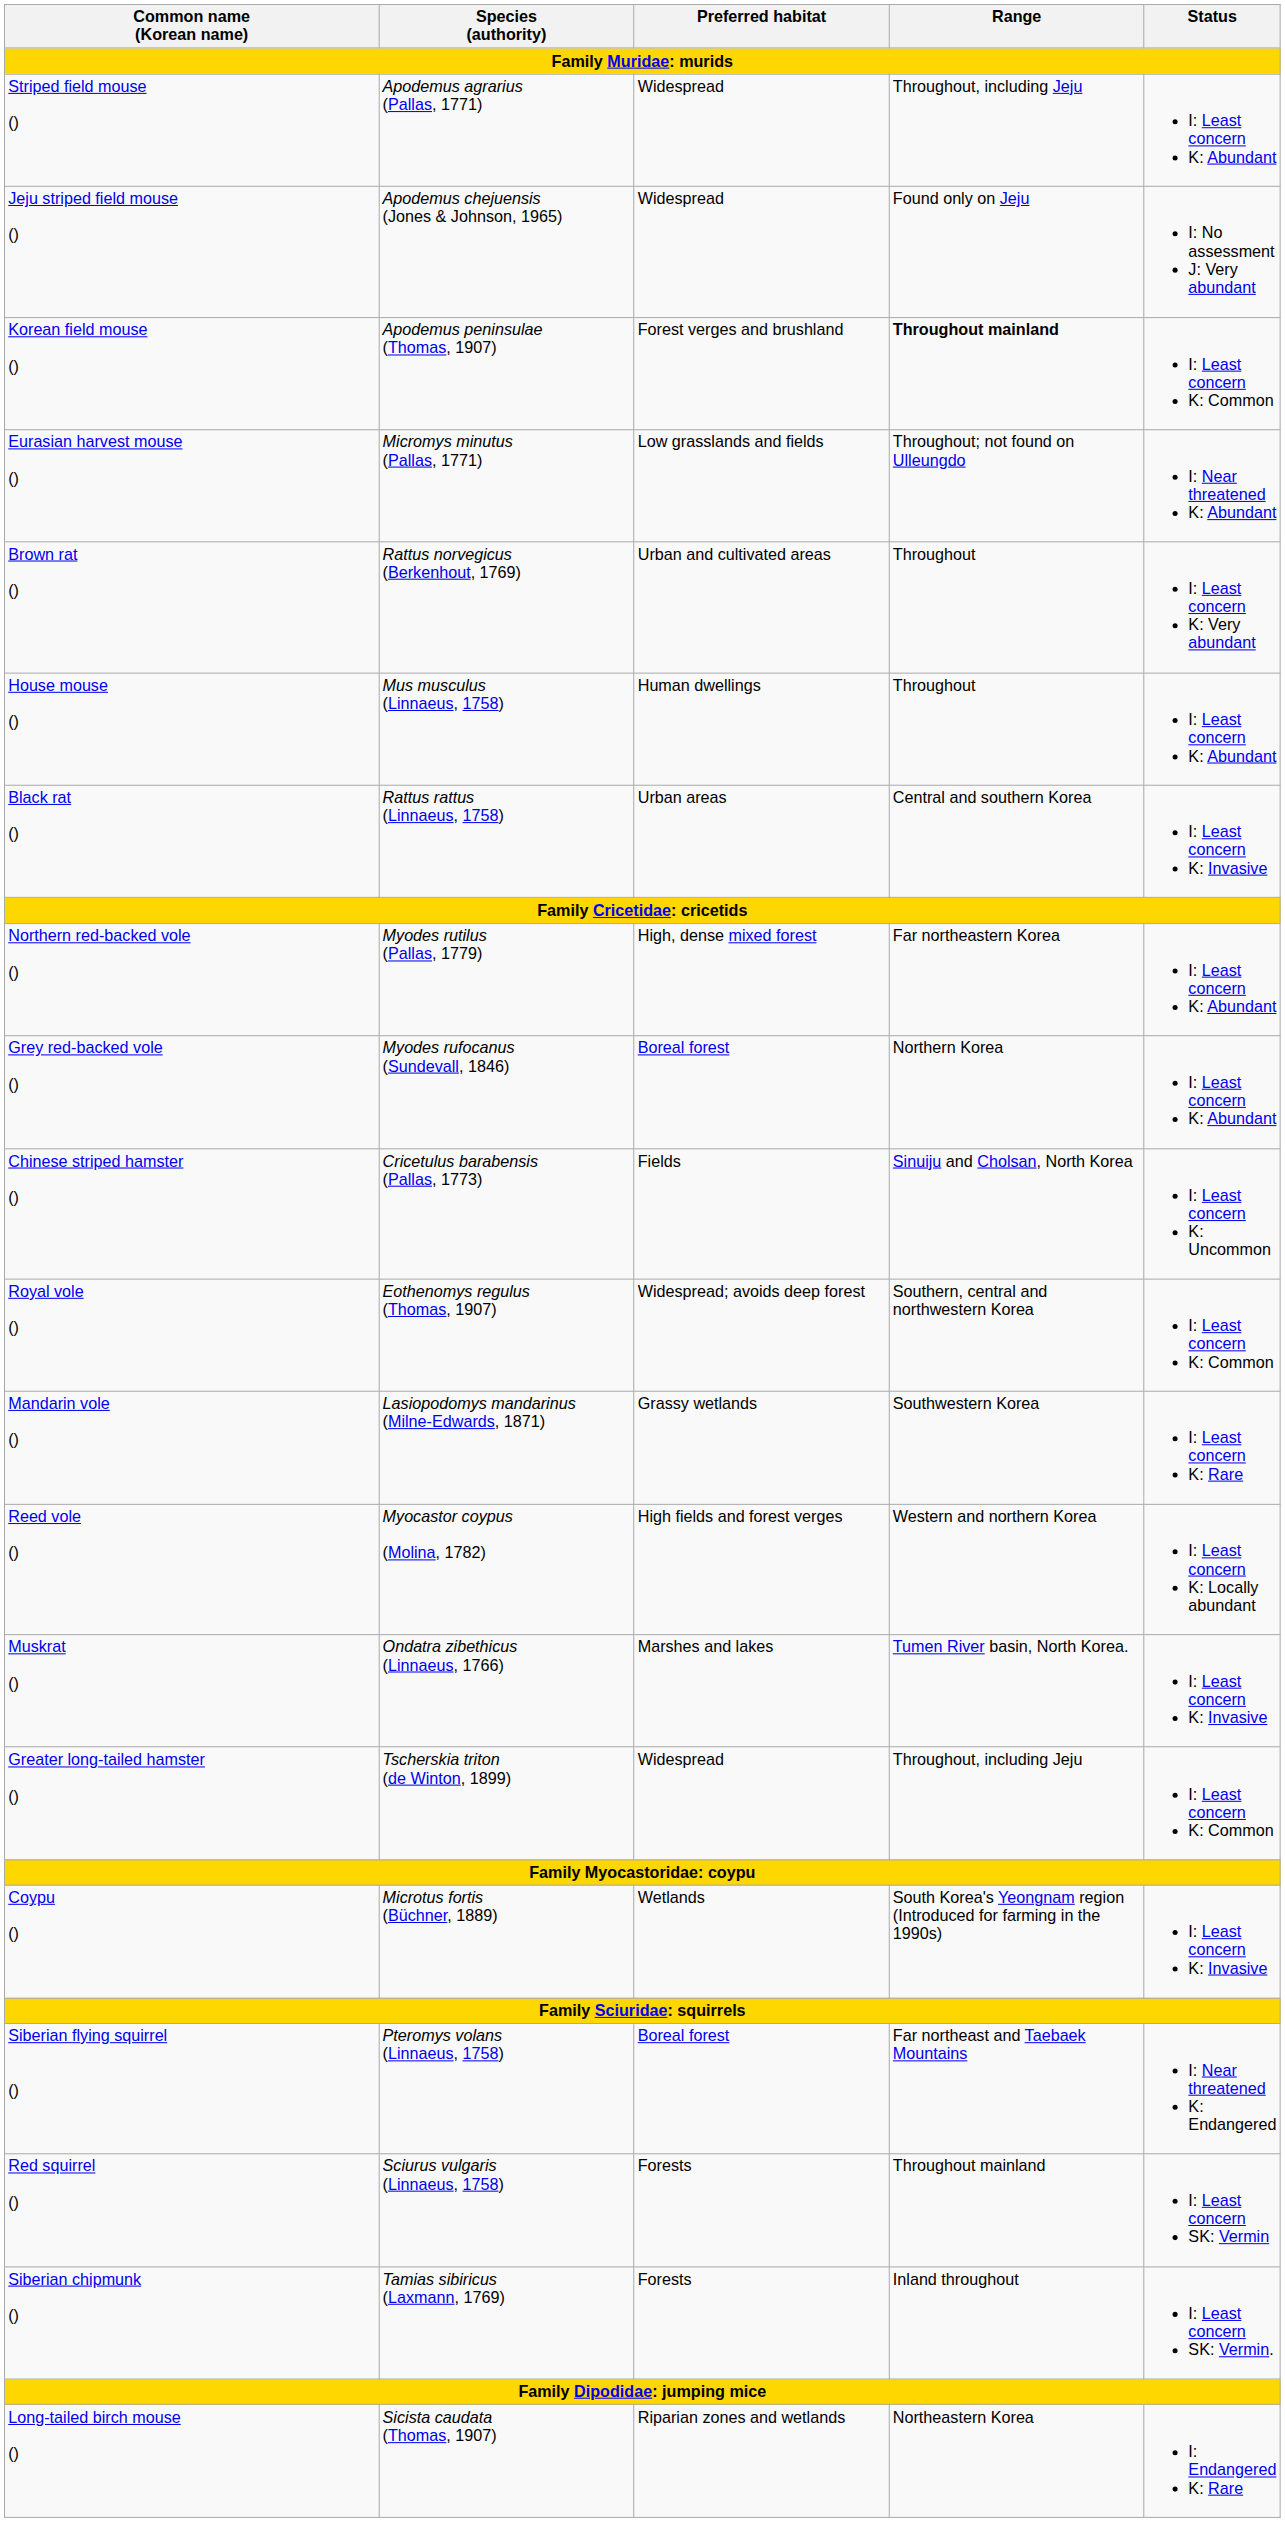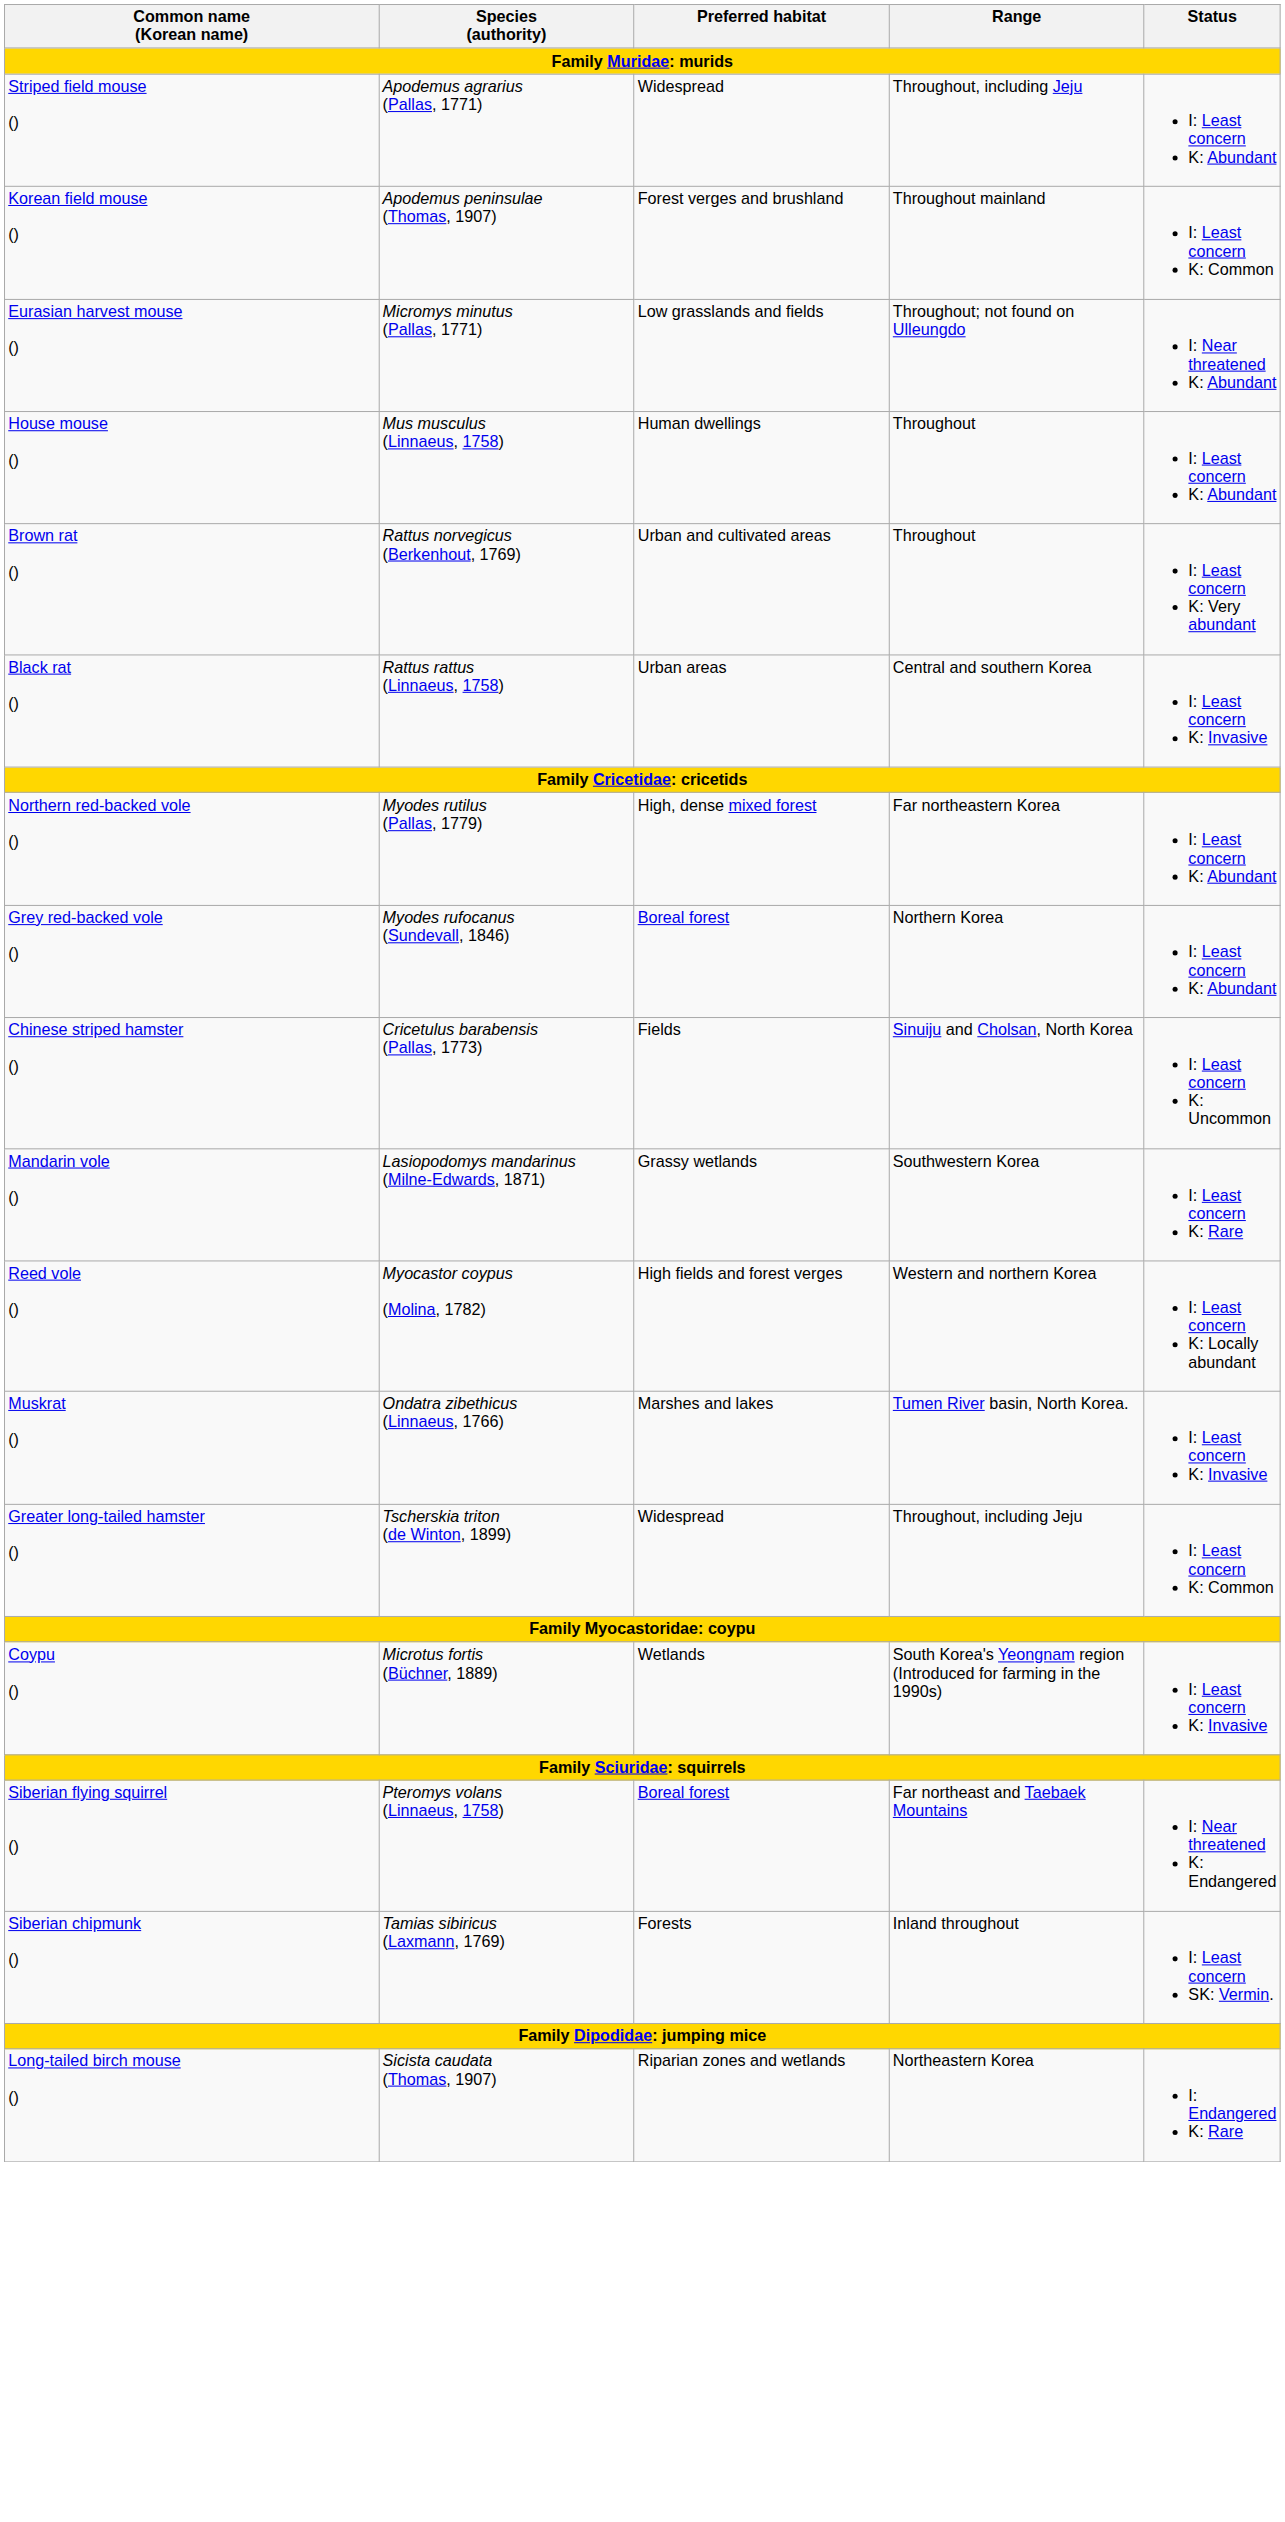 <table width=100% class="wikitable" style="text-align:left;">
 <tr valign="top">
 <th>Common name<br>(Korean name)</th>
 <th width="20%">Species<br>(authority)</th>
 <th width="20%">Preferred habitat</th>
 <th width="20%">Range</th>
 <th width="15em">Status</th>
 </tr>
 <tr>
 <td style="text-align:center;background:gold;" colspan=5><strong>Family <a href='#'>Muridae</a>: murids</strong></td>
 </tr>
 <tr valign="top">
 <td><a href='#'>Striped field mouse</a><br> <br>()</td>
 <td><em>Apodemus agrarius</em><br>(<a href='#'>Pallas</a>, 1771)</td>
 <td>Widespread</td>
 <td>Throughout, including <a href='#'>Jeju</a></td>
 <td><br><ul><li>I: <a href='#'>Least concern</a></li><li>K: <a href='#'>Abundant</a></li></ul></td>
 </tr>
 <tr valign="top">
-<td><a href='#'>Jeju striped field mouse</a><br><br>()</td>
-<td><em>Apodemus chejuensis</em><br>(Jones & Johnson, 1965)</td>
-<td>Widespread</td>
-<td>Found only on <a href='#'>Jeju</a></td>
-<td><br><ul><li>I: No assessment</li><li>J: Very <a href='#'>abundant</a></li></ul></td>
-</tr>
-<tr valign="top">
 <td><a href='#'>Korean field mouse</a><br><br>()</td>
 <td><em>Apodemus peninsulae</em><br>(<a href='#'>Thomas</a>, 1907)</td>
 <td>Forest verges and brushland</td>
-<td><strong>Throughout mainland</strong></td>
+<td>Throughout mainland</td>
 <td><br><ul><li>I: <a href='#'>Least concern</a></li><li>K: Common</li></ul></td>
 </tr>
 <tr valign="top">
 <td><a href='#'>Eurasian harvest mouse</a><br> <br>()</td>
 <td><em>Micromys minutus</em><br>(<a href='#'>Pallas</a>, 1771)</td>
 <td>Low grasslands and fields</td>
 <td>Throughout; not found on <a href='#'>Ulleungdo</a></td>
 <td><br><ul><li>I: <a href='#'>Near threatened</a></li><li>K: <a href='#'>Abundant</a></li></ul></td>
 </tr>
 <tr valign="top">
+<td><a href='#'>House mouse</a><br> <br>()</td>
+<td><em>Mus musculus</em><br>(<a href='#'>Linnaeus</a>, <a href='#'>1758</a>)</td>
+<td>Human dwellings</td>
+<td>Throughout</td>
+<td><br><ul><li>I: <a href='#'>Least concern</a></li><li>K: <a href='#'>Abundant</a></li></ul></td>
+</tr>
+<tr valign="top">
 <td><a href='#'>Brown rat</a><br> <br>()</td>
 <td><em>Rattus norvegicus</em><br>(<a href='#'>Berkenhout</a>, 1769)</td>
 <td>Urban and cultivated areas</td>
 <td>Throughout</td>
 <td><br><ul><li>I: <a href='#'>Least concern</a></li><li>K: Very <a href='#'>abundant</a></li></ul></td>
-</tr>
-<tr valign="top">
-<td><a href='#'>House mouse</a><br> <br>()</td>
-<td><em>Mus musculus</em><br>(<a href='#'>Linnaeus</a>, <a href='#'>1758</a>)</td>
-<td>Human dwellings</td>
-<td>Throughout</td>
-<td><br><ul><li>I: <a href='#'>Least concern</a></li><li>K: <a href='#'>Abundant</a></li></ul></td>
 </tr>
 <tr valign="top">
 <td><a href='#'>Black rat</a><br> <br>()</td>
 <td><em>Rattus rattus</em><br>(<a href='#'>Linnaeus</a>, <a href='#'>1758</a>)</td>
 <td>Urban areas</td>
 <td>Central and southern Korea</td>
 <td><br><ul><li>I: <a href='#'>Least concern</a></li><li>K: <a href='#'>Invasive</a></li></ul></td>
 </tr>
 <tr>
 <td style="text-align:center;background:gold;" colspan=5><strong>Family <a href='#'>Cricetidae</a>: cricetids</strong></td>
 </tr>
 <tr valign="top">
 <td><a href='#'>Northern red-backed vole</a><br> <br>()</td>
 <td><em>Myodes rutilus</em><br>(<a href='#'>Pallas</a>, 1779)</td>
 <td>High, dense <a href='#'>mixed forest</a></td>
 <td>Far northeastern Korea</td>
 <td><br><ul><li>I: <a href='#'>Least concern</a></li><li>K: <a href='#'>Abundant</a></li></ul></td>
 </tr>
 <tr valign="top">
 <td><a href='#'>Grey red-backed vole</a><br> <br>()</td>
 <td><em>Myodes rufocanus</em><br>(<a href='#'>Sundevall</a>, 1846)</td>
 <td><a href='#'>Boreal forest</a></td>
 <td>Northern Korea</td>
 <td><br><ul><li>I: <a href='#'>Least concern</a></li><li>K: <a href='#'>Abundant</a></li></ul></td>
 </tr>
 <tr valign="top">
 <td><a href='#'>Chinese striped hamster</a><br> <br>()</td>
 <td><em>Cricetulus barabensis</em><br>(<a href='#'>Pallas</a>, 1773)</td>
 <td>Fields</td>
 <td><a href='#'>Sinuiju</a> and <a href='#'>Cholsan</a>, North Korea</td>
 <td><br><ul><li>I: <a href='#'>Least concern</a></li><li>K: Uncommon</li></ul></td>
-</tr>
-<tr valign="top">
-<td><a href='#'>Royal vole</a><br><br>()</td>
-<td><em>Eothenomys regulus</em><br>(<a href='#'>Thomas</a>, 1907)</td>
-<td>Widespread; avoids deep forest</td>
-<td>Southern, central and northwestern Korea</td>
-<td><br><ul><li>I: <a href='#'>Least concern</a></li><li>K: Common</li></ul></td>
 </tr>
 <tr valign="top">
 <td><a href='#'>Mandarin vole</a><br> <br>()</td>
 <td><em>Lasiopodomys mandarinus</em><br>(<a href='#'>Milne-Edwards</a>, 1871)</td>
 <td>Grassy wetlands</td>
 <td>Southwestern Korea</td>
 <td><br><ul><li>I: <a href='#'>Least concern</a></li><li>K: <a href='#'>Rare</a></li></ul></td>
 </tr>
 <tr valign="top">
 <td><a href='#'>Reed vole</a><br> <br>()</td>
 <td><em>Myocastor coypus</em><br><br>(<a href='#'>Molina</a>, 1782)</td>
 <td>High fields and forest verges</td>
 <td>Western and northern Korea</td>
 <td><br><ul><li>I: <a href='#'>Least concern</a></li><li>K: Locally abundant</li></ul></td>
 </tr>
 <tr valign="top">
 <td><a href='#'>Muskrat</a><br> <br>()</td>
 <td><em>Ondatra zibethicus</em><br>(<a href='#'>Linnaeus</a>, 1766)</td>
 <td>Marshes and lakes</td>
 <td><a href='#'>Tumen River</a> basin, North Korea.</td>
 <td><br><ul><li>I: <a href='#'>Least concern</a></li><li>K: <a href='#'>Invasive</a></li></ul></td>
 </tr>
 <tr valign="top">
 <td><a href='#'>Greater long-tailed hamster</a><br><br>()</td>
 <td><em>Tscherskia triton</em><br>(<a href='#'>de Winton</a>, 1899)</td>
 <td>Widespread</td>
 <td>Throughout, including Jeju</td>
 <td><br><ul><li>I: <a href='#'>Least concern</a></li><li>K: Common</li></ul></td>
 </tr>
 <tr>
 <td style="text-align:center;background:gold;" colspan=5><strong>Family Myocastoridae: coypu</strong></td>
 </tr>
 <tr valign="top">
 <td><a href='#'>Coypu</a><br> <br>()</td>
 <td><em>Microtus fortis</em><br>(<a href='#'>Büchner</a>, 1889)</td>
 <td>Wetlands</td>
 <td>South Korea's <a href='#'>Yeongnam</a> region (Introduced for farming in the 1990s)</td>
 <td><br><ul><li>I: <a href='#'>Least concern</a></li><li>K: <a href='#'>Invasive</a></li></ul></td>
 </tr>
 <tr>
 <td style="text-align:center;background:gold;" colspan=5><strong>Family <a href='#'>Sciuridae</a>: squirrels</strong></td>
 </tr>
 <tr valign="top">
 <td><a href='#'>Siberian flying squirrel</a><br><br><br>()</td>
 <td><em>Pteromys volans</em><br>(<a href='#'>Linnaeus</a>, <a href='#'>1758</a>)</td>
 <td><a href='#'>Boreal forest</a></td>
 <td>Far northeast and <a href='#'>Taebaek Mountains</a></td>
 <td><br><ul><li>I: <a href='#'>Near threatened</a></li><li>K: Endangered</li></ul></td>
 </tr>
 <tr valign="top">
-<td><a href='#'>Red squirrel</a><br> <br>()</td>
-<td><em>Sciurus vulgaris</em><br>(<a href='#'>Linnaeus</a>, <a href='#'>1758</a>)</td>
-<td>Forests</td>
-<td>Throughout mainland</td>
-<td><br><ul><li>I: <a href='#'>Least concern</a></li><li>SK: <a href='#'>Vermin</a></li></ul></td>
-</tr>
-<tr valign="top">
 <td><a href='#'>Siberian chipmunk</a><br> <br>()</td>
 <td><em>Tamias sibiricus</em><br>(<a href='#'>Laxmann</a>, 1769)</td>
 <td>Forests</td>
 <td>Inland throughout</td>
 <td><br><ul><li>I: <a href='#'>Least concern</a></li><li>SK: <a href='#'>Vermin</a>.</li></ul></td>
 </tr>
 <tr>
 <td style="text-align:center;background:gold;" colspan=5><strong>Family <a href='#'>Dipodidae</a>: jumping mice</strong></td>
 </tr>
 <tr valign="top">
 <td><a href='#'>Long-tailed birch mouse</a><br><br>()</td>
 <td><em>Sicista caudata</em> <br>(<a href='#'>Thomas</a>, 1907)</td>
 <td>Riparian zones and wetlands</td>
 <td>Northeastern Korea</td>
 <td><br><ul><li>I: <a href='#'>Endangered</a></li><li>K: <a href='#'>Rare</a></li></ul></td>
 </tr>
 </table>
